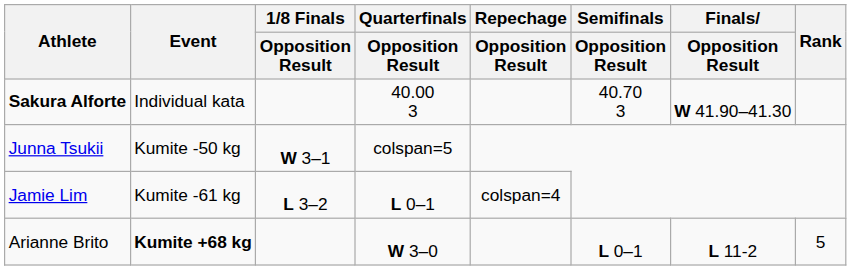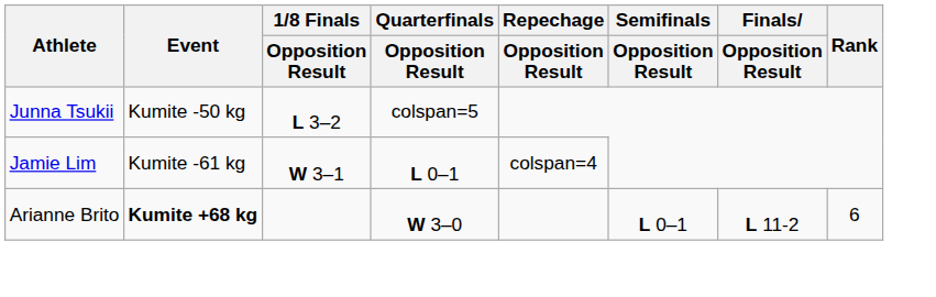 <table class=wikitable style="font-size:90%">
 <tr>
 <th rowspan=2>Athlete</th>
 <th rowspan=2>Event</th>
 <th>1/8 Finals</th>
 <th>Quarterfinals</th>
 <th>Repechage</th>
 <th>Semifinals</th>
 <th>Finals/</th>
 <th rowspan=2>Rank</th>
 </tr>
 <tr>
 <th>Opposition<br>Result</th>
 <th>Opposition<br>Result</th>
 <th>Opposition<br>Result</th>
 <th>Opposition<br>Result</th>
 <th>Opposition<br>Result</th>
 </tr>
 <tr align=center>
-<td align=left><strong>Sakura Alforte</strong></td>
-<td align=left>Individual kata</td>
-<td></td>
-<td>40.00<br>3 </td>
-<td></td>
-<td>40.70<br>3 </td>
-<td><br> <strong>W</strong> 41.90–41.30</td>
-<td></td>
-</tr>
-<tr align=center>
 <td align=left><a href='#'>Junna Tsukii</a></td>
 <td align=left>Kumite -50 kg</td>
-<td><br><strong>W</strong> 3–1</td>
+<td><br><strong>L</strong>  3–2</td>
 <td>colspan=5 </td>
 </tr>
 <tr align=center>
 <td align=left><a href='#'>Jamie Lim</a></td>
 <td align=left>Kumite -61 kg</td>
-<td><br><strong>L</strong>  3–2</td>
+<td><br><strong>W</strong> 3–1</td>
 <td><br><strong>L</strong> 0–1</td>
 <td>colspan=4 </td>
 </tr>
 <tr align=center>
 <td align=left>Arianne Brito</td>
 <td align=left><strong>Kumite +68 kg</strong></td>
 <td></td>
 <td><br><strong>W</strong> 3–0</td>
 <td></td>
 <td><br><strong>L</strong> 0–1</td>
 <td><br><strong>L</strong> 11-2</td>
-<td>5</td>
+<td>6</td>
 </tr>
 </table>
